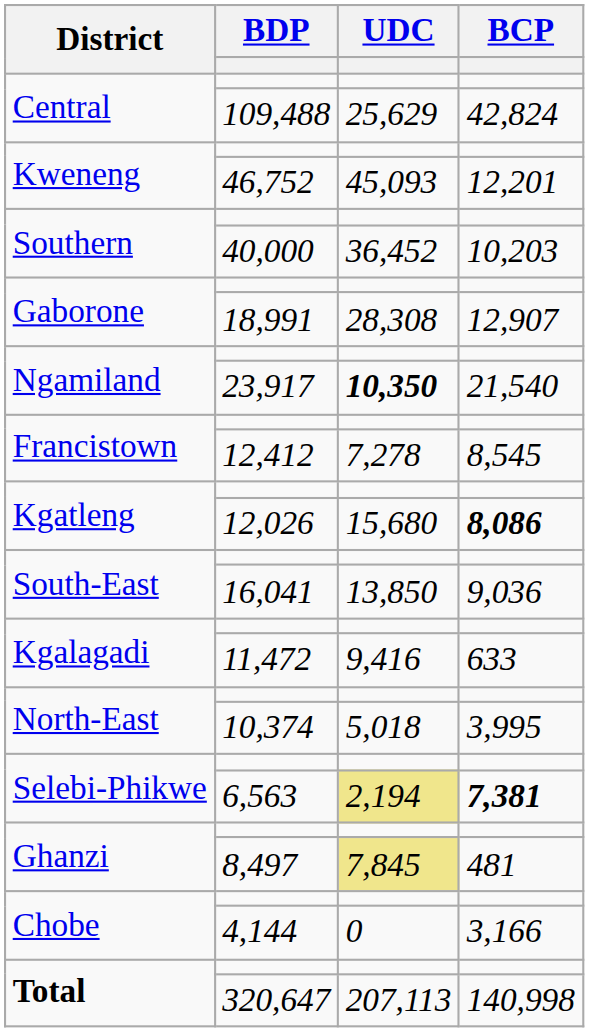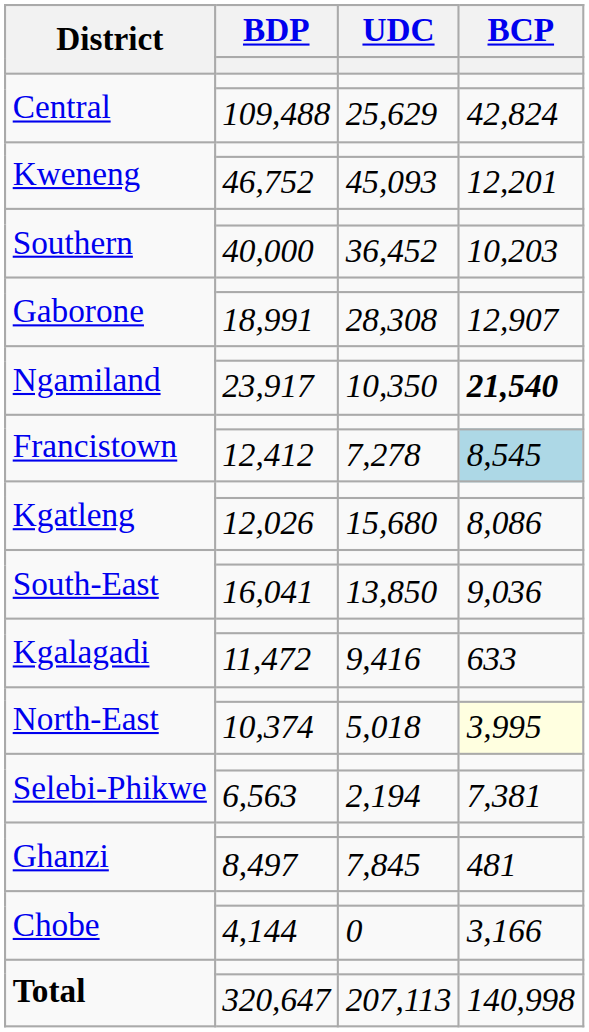 <table class="wikitable" style="text-align:left;">
 <tr>
 <th rowspan="2">District</th>
 <th style="width:50px;"><a href='#'>BDP</a></th>
 <th style="width:50px;"><a href='#'>UDC</a></th>
 <th style="width:50px;"><a href='#'>BCP</a></th>
 </tr>
 <tr>
 <th style="background-color:"></th>
 <th style="background-color:"></th>
 <th style="background-color:"></th>
 </tr>
 <tr>
 <td rowspan="2"><a href='#'>Central</a></td>
 <td><strong></strong></td>
 <td></td>
 <td></td>
 </tr>
 <tr>
 <td><em>109,488</em></td>
 <td><em>25,629</em></td>
 <td><em>42,824</em></td>
 </tr>
 <tr>
 <td rowspan="2"><a href='#'>Kweneng</a></td>
 <td><strong></strong></td>
 <td><strong></strong></td>
 <td></td>
 </tr>
 <tr>
 <td><em>46,752</em></td>
 <td><em>45,093</em></td>
 <td><em>12,201</em></td>
 </tr>
 <tr>
 <td rowspan="2"><a href='#'>Southern</a></td>
 <td><strong></strong></td>
 <td><strong></strong></td>
 <td></td>
 </tr>
 <tr>
 <td><em>40,000</em></td>
 <td><em>36,452</em></td>
 <td><em>10,203</em></td>
 </tr>
 <tr>
 <td rowspan="2"><a href='#'>Gaborone</a></td>
 <td></td>
 <td><strong></strong></td>
 <td></td>
 </tr>
 <tr>
 <td><em>18,991</em></td>
 <td><em>28,308</em></td>
 <td><em>12,907</em></td>
 </tr>
 <tr>
 <td rowspan="2"><a href='#'>Ngamiland</a></td>
 <td><strong></strong></td>
 <td></td>
 <td></td>
 </tr>
 <tr>
 <td><em>23,917</em></td>
-<td><strong><em>10,350</em></strong></td>
-<td><em>21,540</em></td>
+<td><em>10,350</em></td>
+<td><strong><em>21,540</em></strong></td>
 </tr>
 <tr>
 <td rowspan="2"><a href='#'>Francistown</a></td>
 <td><strong></strong></td>
 <td></td>
 <td></td>
 </tr>
 <tr>
 <td><em>12,412</em></td>
 <td><em>7,278</em></td>
-<td><em>8,545</em></td>
+<td style="background: lightblue;"><em>8,545</em></td>
 </tr>
 <tr>
 <td rowspan="2"><a href='#'>Kgatleng</a></td>
 <td></td>
 <td><strong></strong></td>
 <td></td>
 </tr>
 <tr>
 <td><em>12,026</em></td>
 <td><em>15,680</em></td>
-<td><strong><em>8,086</em></strong></td>
+<td><em>8,086</em></td>
 </tr>
 <tr>
 <td rowspan="2"><a href='#'>South-East</a></td>
 <td><strong></strong></td>
 <td><strong></strong></td>
 <td><strong></strong></td>
 </tr>
 <tr>
 <td><em>16,041</em></td>
 <td><em>13,850</em></td>
 <td><em>9,036</em></td>
 </tr>
 <tr>
 <td rowspan="2"><a href='#'>Kgalagadi</a></td>
 <td><strong></strong></td>
 <td></td>
 <td></td>
 </tr>
 <tr>
 <td><em>11,472</em></td>
 <td><em>9,416</em></td>
 <td><em>633</em></td>
 </tr>
 <tr>
 <td rowspan="2"><a href='#'>North-East</a></td>
 <td><strong></strong></td>
 <td></td>
 <td></td>
 </tr>
 <tr>
 <td><em>10,374</em></td>
 <td><em>5,018</em></td>
-<td><em>3,995</em></td>
+<td style="background: lightyellow;"><em>3,995</em></td>
 </tr>
 <tr>
 <td rowspan="2"><a href='#'>Selebi-Phikwe</a></td>
 <td><strong></strong></td>
 <td></td>
 <td><strong></strong></td>
 </tr>
 <tr>
 <td><em>6,563</em></td>
-<td style="background: khaki;"><em>2,194</em></td>
-<td><strong><em>7,381</em></strong></td>
+<td><em>2,194</em></td>
+<td><em>7,381</em></td>
 </tr>
 <tr>
 <td rowspan="2"><a href='#'>Ghanzi</a></td>
 <td><strong></strong></td>
 <td><strong></strong></td>
 <td></td>
 </tr>
 <tr>
 <td><em>8,497</em></td>
-<td style="background: khaki;"><em>7,845</em></td>
+<td><em>7,845</em></td>
 <td><em>481</em></td>
 </tr>
 <tr>
 <td rowspan="2"><a href='#'>Chobe</a></td>
 <td><strong></strong></td>
 <td></td>
 <td></td>
 </tr>
 <tr>
 <td><em>4,144</em></td>
 <td><em>0</em></td>
 <td><em>3,166</em></td>
 </tr>
 <tr>
 <td rowspan="2"><strong>Total</strong></td>
 <td><strong></strong></td>
 <td></td>
 <td></td>
 </tr>
 <tr>
 <td><em>320,647</em></td>
 <td><em>207,113</em></td>
 <td><em>140,998</em></td>
 </tr>
 </table>
